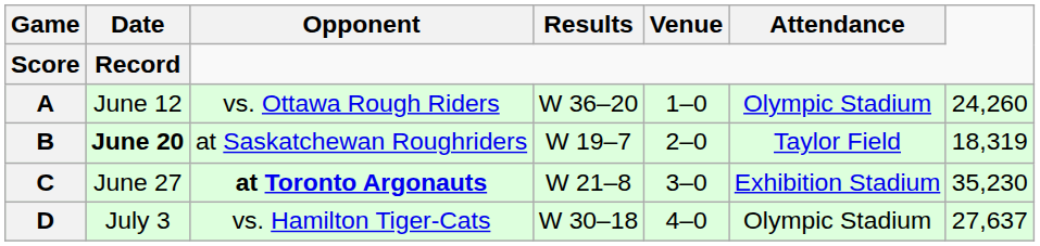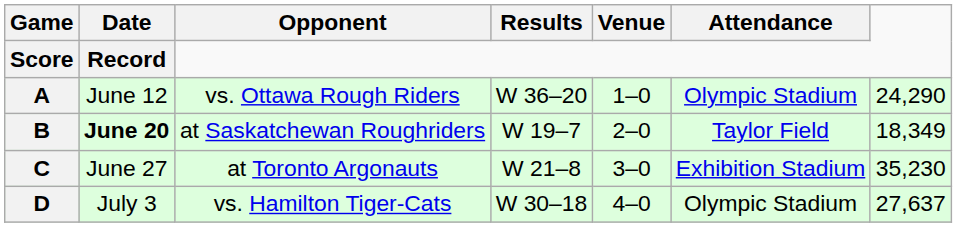 <table class="wikitable" style="text-align:center">
 <tr>
 <th scope="col">Game</th>
 <th scope="col">Date</th>
 <th scope="col">Opponent</th>
 <th scope="col">Results</th>
 <th scope="col">Venue</th>
 <th scope="col">Attendance</th>
 </tr>
 <tr>
 <th scope="col">Score</th>
 <th scope="col">Record</th>
 </tr>
 <tr style="background:#ddffdd">
 <th>A</th>
 <td>June 12</td>
 <td>vs. <a href='#'>Ottawa Rough Riders</a></td>
 <td>W 36–20</td>
 <td>1–0</td>
 <td><a href='#'>Olympic Stadium</a></td>
-<td>24,260</td>
+<td>24,290</td>
 </tr>
 <tr style="background:#ddffdd">
 <th>B</th>
 <td><strong>June 20</strong></td>
 <td>at <a href='#'>Saskatchewan Roughriders</a></td>
 <td>W 19–7</td>
 <td>2–0</td>
 <td><a href='#'>Taylor Field</a></td>
-<td>18,319</td>
+<td>18,349</td>
 </tr>
 <tr style="background:#ddffdd">
 <th>C</th>
 <td>June 27</td>
-<td><strong>at <a href='#'>Toronto Argonauts</a></strong></td>
+<td>at <a href='#'>Toronto Argonauts</a></td>
 <td>W 21–8</td>
 <td>3–0</td>
 <td><a href='#'>Exhibition Stadium</a></td>
 <td>35,230</td>
 </tr>
 <tr style="background:#ddffdd">
 <th>D</th>
 <td>July 3</td>
 <td>vs. <a href='#'>Hamilton Tiger-Cats</a></td>
 <td>W 30–18</td>
 <td>4–0</td>
 <td>Olympic Stadium</td>
 <td>27,637</td>
 </tr>
 </table>
